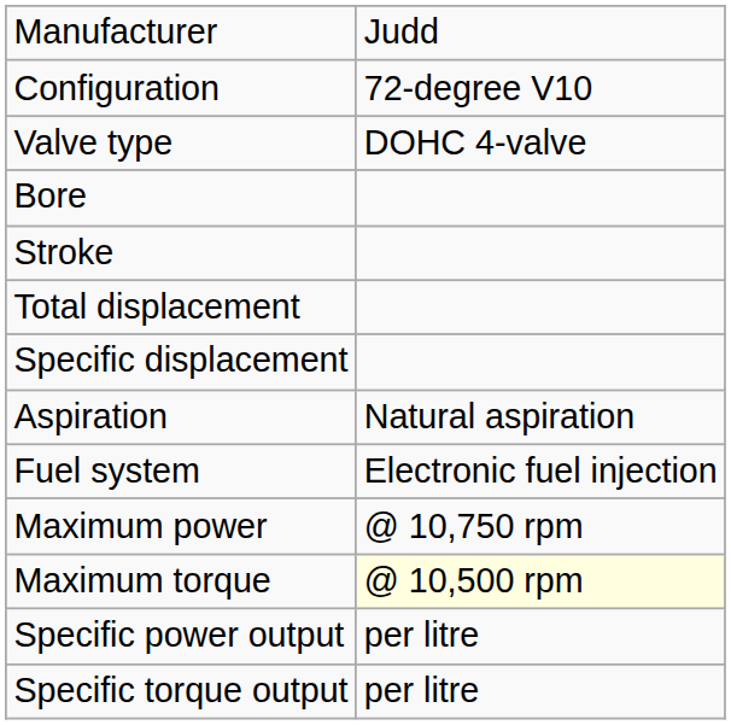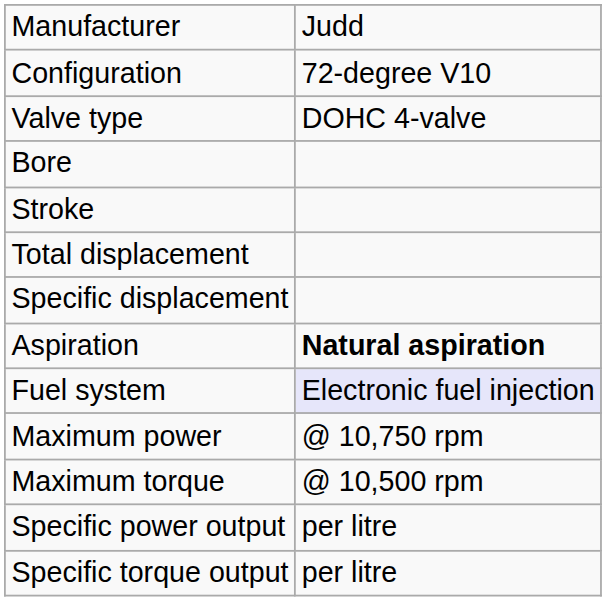 <table class="wikitable">
 <tr>
 <td>Manufacturer</td>
 <td>Judd</td>
 </tr>
 <tr>
 <td>Configuration</td>
 <td>72-degree V10</td>
 </tr>
 <tr>
 <td>Valve type</td>
 <td>DOHC 4-valve</td>
 </tr>
 <tr>
 <td>Bore</td>
 <td></td>
 </tr>
 <tr>
 <td>Stroke</td>
 <td></td>
 </tr>
 <tr>
 <td>Total displacement</td>
 <td></td>
 </tr>
 <tr>
 <td>Specific displacement</td>
 <td></td>
 </tr>
 <tr>
 <td>Aspiration</td>
-<td>Natural aspiration</td>
+<td><strong>Natural aspiration</strong></td>
 </tr>
 <tr>
 <td>Fuel system</td>
-<td>Electronic fuel injection</td>
+<td style="background: lavender;">Electronic fuel injection</td>
 </tr>
 <tr>
 <td>Maximum power</td>
 <td> @ 10,750 rpm</td>
 </tr>
 <tr>
 <td>Maximum torque</td>
-<td style="background: lightyellow;"> @ 10,500 rpm</td>
+<td> @ 10,500 rpm</td>
 </tr>
 <tr>
 <td>Specific power output</td>
 <td> per litre</td>
 </tr>
 <tr>
 <td>Specific torque output</td>
 <td> per litre</td>
 </tr>
 </table>
